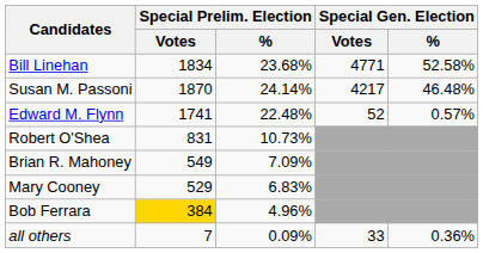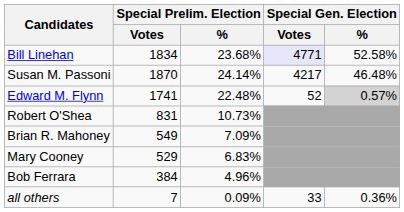 <table class=wikitable>
 <tr>
 <th colspan=1 rowspan=2><strong>Candidates</strong></th>
 <th colspan=2><strong>Special Prelim. Election</strong></th>
 <th colspan=2><strong>Special Gen. Election</strong></th>
 </tr>
 <tr>
 <th>Votes</th>
 <th>%</th>
 <th>Votes</th>
 <th>%</th>
 </tr>
 <tr>
 <td><a href='#'>Bill Linehan</a></td>
 <td align="right">1834</td>
 <td align="right">23.68%</td>
-<td align="right">4771</td>
+<td align="right" style="background: lavender;">4771</td>
 <td align="right">52.58%</td>
 </tr>
 <tr>
 <td>Susan M. Passoni</td>
 <td align="right">1870</td>
 <td align="right">24.14%</td>
 <td align="right">4217</td>
 <td align="right">46.48%</td>
 </tr>
 <tr>
 <td><a href='#'>Edward M. Flynn</a></td>
 <td align="right">1741</td>
 <td align="right">22.48%</td>
 <td align="right">52</td>
-<td align="right">0.57%</td>
+<td align="right" style="background: lightgrey;">0.57%</td>
 </tr>
 <tr>
 <td>Robert O'Shea</td>
 <td align="right">831</td>
 <td align="right">10.73%</td>
 <td colspan=2 bgcolor=darkgray> </td>
 </tr>
 <tr>
 <td>Brian R. Mahoney</td>
 <td align="right">549</td>
 <td align="right">7.09%</td>
 <td colspan=2 bgcolor=darkgray> </td>
 </tr>
 <tr>
 <td>Mary Cooney</td>
 <td align="right">529</td>
 <td align="right">6.83%</td>
 <td colspan=2 bgcolor=darkgray> </td>
 </tr>
 <tr>
 <td>Bob Ferrara</td>
-<td align="right" style="background: gold;">384</td>
+<td align="right">384</td>
 <td align="right">4.96%</td>
 <td colspan=2 bgcolor=darkgray> </td>
 </tr>
 <tr>
 <td><em>all others</em></td>
 <td align="right">7</td>
 <td align="right">0.09%</td>
 <td align="right">33</td>
 <td align="right">0.36%</td>
 </tr>
 </table>
